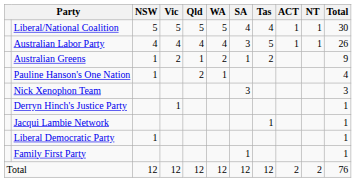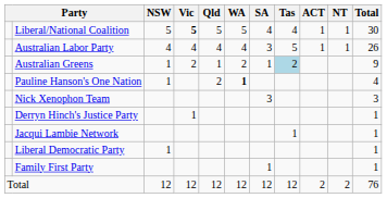 <table class="wikitable" style="text-align:right;">
 <tr>
 <th colspan=2>Party</th>
 <th style="width:30px;">NSW</th>
 <th style="width:30px;">Vic</th>
 <th style="width:30px;">Qld</th>
 <th style="width:30px;">WA</th>
 <th style="width:30px;">SA</th>
 <th style="width:30px;">Tas</th>
 <th style="width:30px;">ACT</th>
 <th style="width:30px;">NT</th>
 <th style="width:30px;">Total</th>
 </tr>
 <tr>
 <td> </td>
 <td align=left><a href='#'>Liberal/National Coalition</a></td>
 <td>5</td>
-<td>5</td>
+<td><strong>5</strong></td>
 <td>5</td>
 <td>5</td>
 <td>4</td>
 <td>4</td>
 <td>1</td>
 <td>1</td>
 <td>30</td>
 </tr>
 <tr>
 <td> </td>
 <td align=left><a href='#'>Australian Labor Party</a></td>
 <td>4</td>
 <td>4</td>
 <td>4</td>
 <td>4</td>
 <td>3</td>
 <td>5</td>
 <td>1</td>
 <td>1</td>
 <td>26</td>
 </tr>
 <tr>
 <td> </td>
 <td align=left><a href='#'>Australian Greens</a></td>
 <td>1</td>
 <td>2</td>
 <td>1</td>
 <td>2</td>
 <td>1</td>
-<td>2</td>
+<td style="background: lightblue;">2</td>
 <td></td>
 <td></td>
 <td>9</td>
 </tr>
 <tr>
 <td> </td>
 <td style="text-align:left;"><a href='#'>Pauline Hanson's One Nation</a></td>
 <td>1</td>
 <td></td>
 <td>2</td>
-<td>1</td>
+<td><strong>1</strong></td>
 <td></td>
 <td></td>
 <td></td>
 <td></td>
 <td>4</td>
 </tr>
 <tr>
 <td> </td>
 <td style="text-align:left;"><a href='#'>Nick Xenophon Team</a></td>
 <td></td>
 <td></td>
 <td></td>
 <td></td>
 <td>3</td>
 <td></td>
 <td></td>
 <td></td>
 <td>3</td>
 </tr>
 <tr>
 <td> </td>
 <td align=left><a href='#'>Derryn Hinch's Justice Party</a></td>
 <td></td>
 <td>1</td>
 <td></td>
 <td></td>
 <td></td>
 <td></td>
 <td></td>
 <td></td>
 <td>1</td>
 </tr>
 <tr>
 <td> </td>
 <td align=left><a href='#'>Jacqui Lambie Network</a></td>
 <td></td>
 <td></td>
 <td></td>
 <td></td>
 <td></td>
 <td>1</td>
 <td></td>
 <td></td>
 <td>1</td>
 </tr>
 <tr>
 <td> </td>
 <td align=left><a href='#'>Liberal Democratic Party</a></td>
 <td>1</td>
 <td></td>
 <td></td>
 <td></td>
 <td></td>
 <td></td>
 <td></td>
 <td></td>
 <td>1</td>
 </tr>
 <tr>
 <td> </td>
 <td align=left><a href='#'>Family First Party</a></td>
 <td></td>
 <td></td>
 <td></td>
 <td></td>
 <td>1</td>
 <td></td>
 <td></td>
 <td></td>
 <td>1</td>
 </tr>
 <tr>
 <td style="text-align:left;" colspan="2">Total</td>
 <td>12</td>
 <td>12</td>
 <td>12</td>
 <td>12</td>
 <td>12</td>
 <td>12</td>
 <td>2</td>
 <td>2</td>
 <td>76</td>
 </tr>
 </table>
